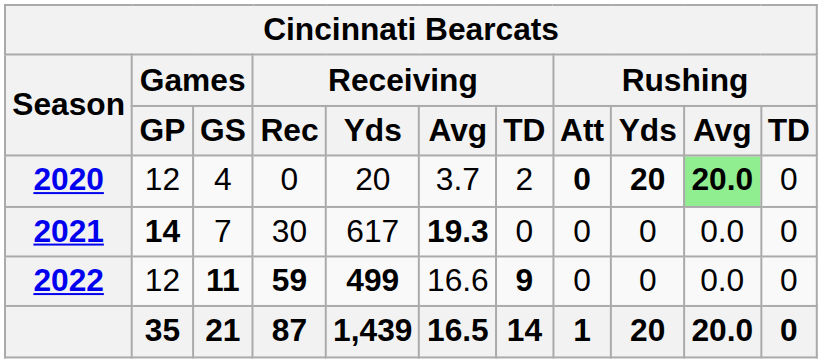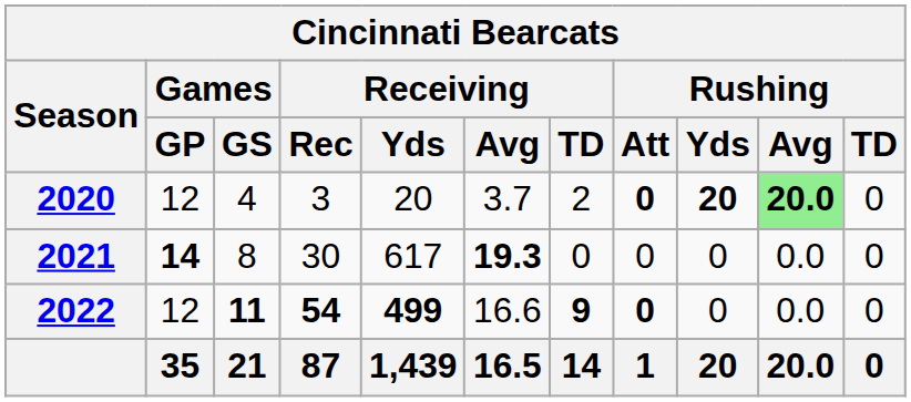 <table class="wikitable" style="text-align: center;">
 <tr>
 <th colspan="13">Cincinnati Bearcats</th>
 </tr>
 <tr>
 <th rowspan="2">Season</th>
 <th colspan="2">Games</th>
 <th colspan="4">Receiving</th>
 <th colspan="4">Rushing</th>
 </tr>
 <tr>
 <th>GP</th>
 <th>GS</th>
 <th>Rec</th>
 <th>Yds</th>
 <th>Avg</th>
 <th>TD</th>
 <th>Att</th>
 <th>Yds</th>
 <th>Avg</th>
 <th>TD</th>
 </tr>
 <tr>
 <th><a href='#'>2020</a></th>
 <td>12</td>
 <td>4</td>
-<td>0</td>
+<td>3</td>
 <td>20</td>
 <td>3.7</td>
 <td>2</td>
 <td><strong>0</strong></td>
 <td><strong>20</strong></td>
 <td style="background: lightgreen;"><strong>20.0</strong></td>
 <td>0</td>
 </tr>
 <tr>
 <th><a href='#'>2021</a></th>
 <td><strong>14</strong></td>
-<td>7</td>
+<td>8</td>
 <td>30</td>
 <td>617</td>
 <td><strong>19.3</strong></td>
 <td>0</td>
 <td>0</td>
 <td>0</td>
 <td>0.0</td>
 <td>0</td>
 </tr>
 <tr>
 <th><a href='#'>2022</a></th>
 <td>12</td>
 <td><strong>11</strong></td>
-<td><strong>59</strong></td>
+<td><strong>54</strong></td>
 <td><strong>499</strong></td>
 <td>16.6</td>
 <td><strong>9</strong></td>
-<td>0</td>
+<td><strong>0</strong></td>
 <td>0</td>
 <td>0.0</td>
 <td>0</td>
 </tr>
 <tr>
 <th></th>
 <th>35</th>
 <th>21</th>
 <th>87</th>
 <th>1,439</th>
 <th>16.5</th>
 <th>14</th>
 <th>1</th>
 <th>20</th>
 <th>20.0</th>
 <th>0</th>
 </tr>
 </table>
